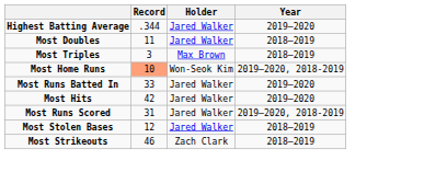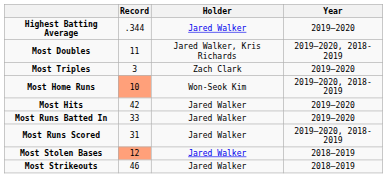 <table class="wikitable" style="text-align: center; mPERin: 0 auto;">
 <tr>
 <th></th>
 <th>Record</th>
 <th>Holder</th>
 <th>Year</th>
 </tr>
 <tr>
 <td><strong>Highest Batting Average</strong></td>
 <td>.344</td>
 <td><a href='#'>Jared Walker</a></td>
 <td>2019–2020</td>
 </tr>
 <tr>
 <td><strong>Most Doubles</strong></td>
 <td>11</td>
-<td><a href='#'>Jared Walker</a></td>
-<td>2018–2019</td>
+<td>Jared Walker, Kris Richards</td>
+<td>2019–2020, 2018-2019</td>
 </tr>
 <tr>
 <td><strong>Most Triples</strong></td>
 <td>3</td>
-<td><a href='#'>Max Brown</a></td>
-<td>2018–2019</td>
+<td>Zach Clark</td>
+<td>2019–2020</td>
 </tr>
 <tr>
 <td><strong>Most Home Runs</strong></td>
 <td style="background: lightsalmon;">10</td>
 <td>Won-Seok Kim</td>
 <td>2019–2020, 2018-2019</td>
 </tr>
 <tr>
-<td><strong>Most Runs Batted In</strong></td>
-<td>33</td>
+<td><strong>Most Hits</strong></td>
+<td>42</td>
 <td>Jared Walker</td>
 <td>2019–2020</td>
 </tr>
 <tr>
-<td><strong>Most Hits</strong></td>
-<td>42</td>
+<td><strong>Most Runs Batted In</strong></td>
+<td>33</td>
 <td>Jared Walker</td>
 <td>2019–2020</td>
 </tr>
 <tr>
 <td><strong>Most Runs Scored</strong></td>
 <td>31</td>
 <td>Jared Walker</td>
 <td>2019–2020, 2018-2019</td>
 </tr>
 <tr>
 <td><strong>Most Stolen Bases</strong></td>
-<td>12</td>
+<td style="background: lightsalmon;">12</td>
 <td><a href='#'>Jared Walker</a></td>
 <td>2018–2019</td>
 </tr>
 <tr>
 <td><strong>Most Strikeouts</strong></td>
 <td>46</td>
-<td>Zach Clark</td>
+<td>Jared Walker</td>
 <td>2018–2019</td>
 </tr>
 </table>
